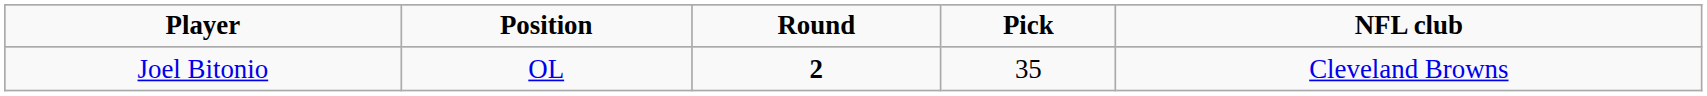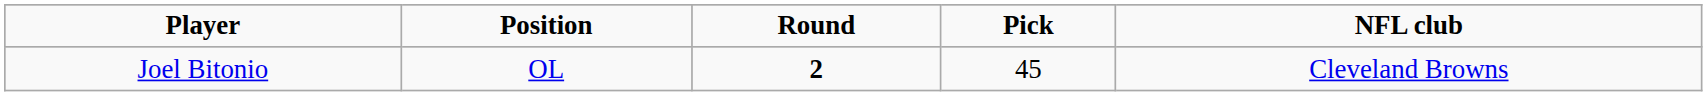 <table class="wikitable" width="80%">
 <tr align="center">
 <td><strong>Player</strong></td>
 <td><strong>Position</strong></td>
 <td><strong>Round</strong></td>
 <td><strong>Pick</strong></td>
 <td><strong>NFL club</strong></td>
 </tr>
 <tr align="center" bgcolor="">
 <td><a href='#'>Joel Bitonio</a></td>
 <td><a href='#'>OL</a></td>
 <td><strong>2</strong></td>
-<td>35</td>
+<td>45</td>
 <td><a href='#'>Cleveland Browns</a></td>
 </tr>
 </table>
